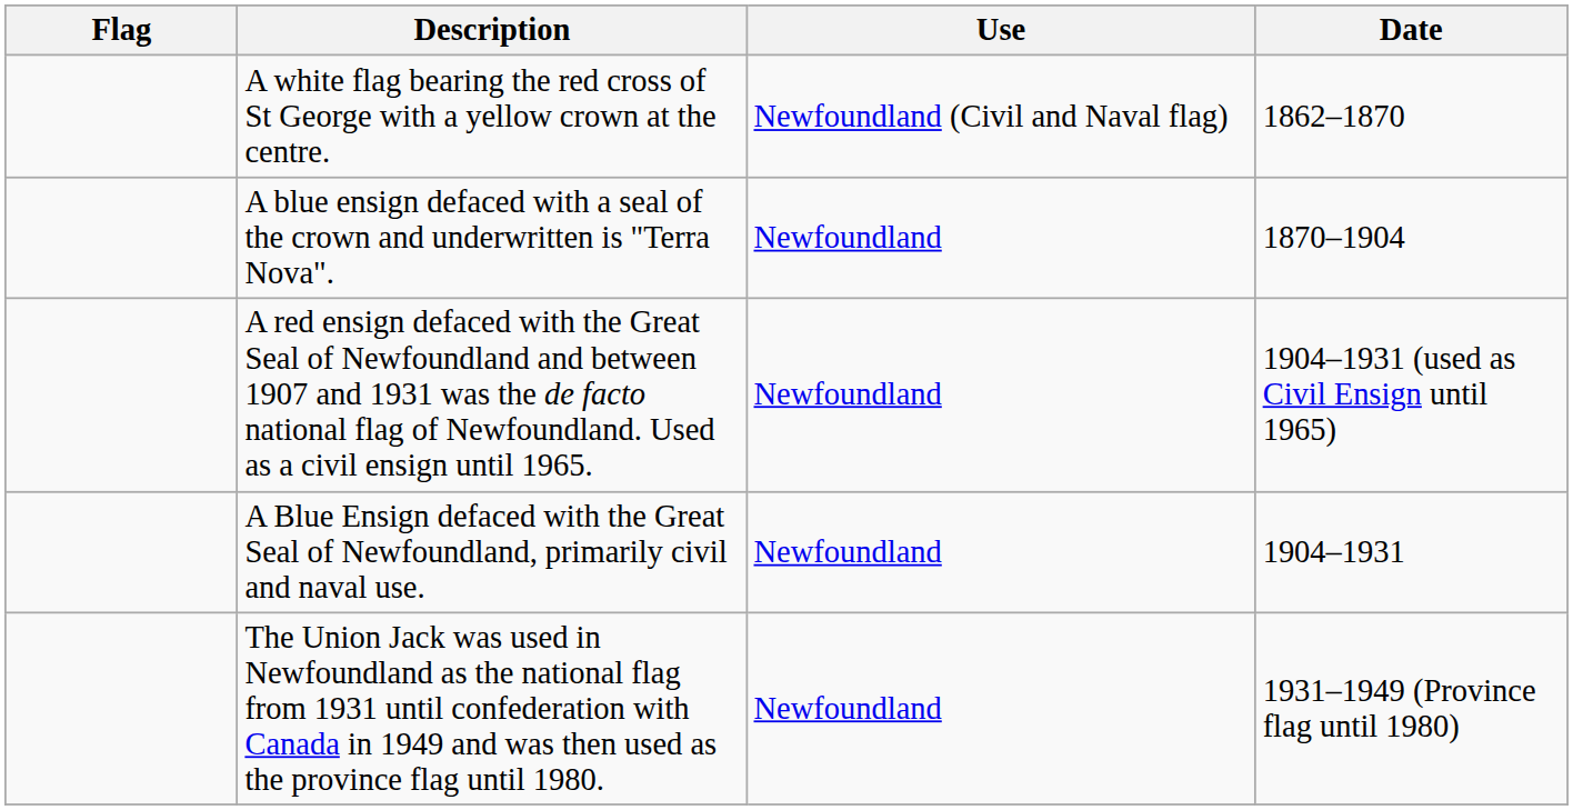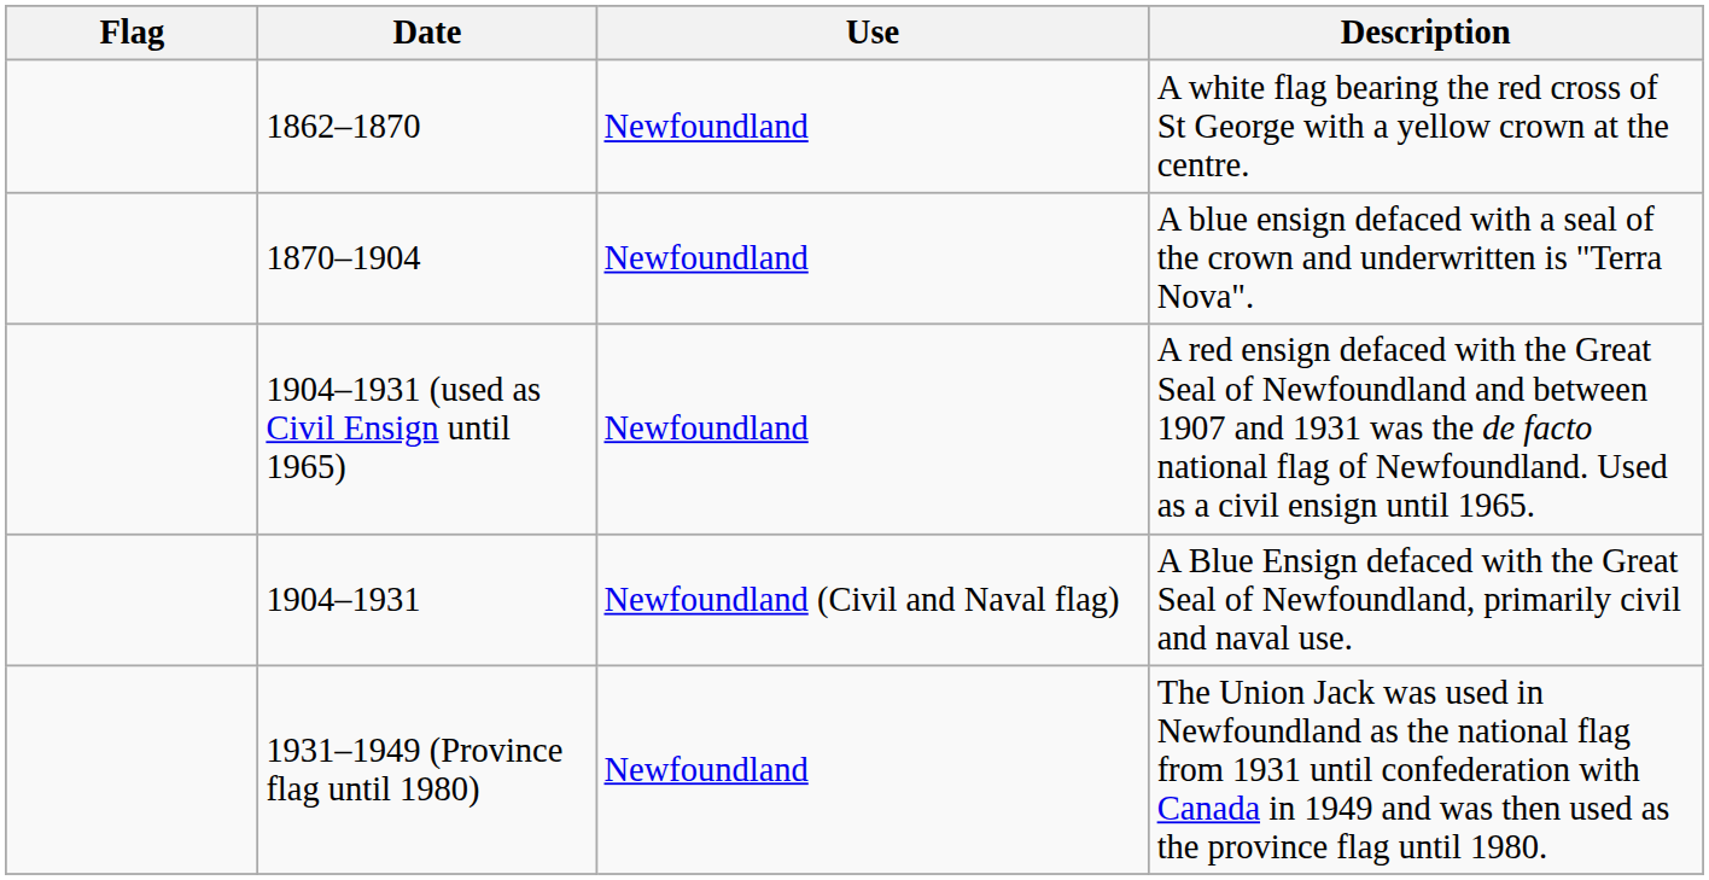 <table class="wikitable">
 <tr style="background:#efefef;">
 <th style="width:110px;">Flag</th>
+<th style="width:150px;">Date</th>
+<th style="width:250px;">Use</th>
 <th style="width:250px;">Description</th>
-<th style="width:250px;">Use</th>
-<th style="width:150px;">Date</th>
 </tr>
 <tr>
 <td></td>
+<td>1862–1870</td>
+<td><a href='#'>Newfoundland</a></td>
 <td>A white flag bearing the red cross of St George with a yellow crown at the centre.</td>
-<td><a href='#'>Newfoundland</a> (Civil and Naval flag)</td>
-<td>1862–1870</td>
 </tr>
 <tr>
 <td></td>
+<td>1870–1904</td>
+<td><a href='#'>Newfoundland</a></td>
 <td>A blue ensign defaced with a seal of the crown and underwritten is "Terra Nova".</td>
-<td><a href='#'>Newfoundland</a></td>
-<td>1870–1904</td>
 </tr>
 <tr>
 <td></td>
+<td>1904–1931 (used as <a href='#'>Civil Ensign</a> until 1965)</td>
+<td><a href='#'>Newfoundland</a></td>
 <td>A red ensign defaced with the Great Seal of Newfoundland and between 1907 and 1931 was the <em>de facto</em> national flag of Newfoundland. Used as a civil ensign until 1965.</td>
-<td><a href='#'>Newfoundland</a></td>
-<td>1904–1931 (used as <a href='#'>Civil Ensign</a> until 1965)</td>
 </tr>
 <tr>
 <td></td>
+<td>1904–1931</td>
+<td><a href='#'>Newfoundland</a> (Civil and Naval flag)</td>
 <td>A Blue Ensign defaced with the Great Seal of Newfoundland, primarily civil and naval use.</td>
-<td><a href='#'>Newfoundland</a></td>
-<td>1904–1931</td>
 </tr>
 <tr>
 <td></td>
+<td>1931–1949 (Province flag until 1980)</td>
+<td><a href='#'>Newfoundland</a></td>
 <td>The Union Jack was used in Newfoundland as the national flag from 1931 until confederation with <a href='#'>Canada</a> in 1949 and was then used as the province flag until 1980.</td>
-<td><a href='#'>Newfoundland</a></td>
-<td>1931–1949 (Province flag until 1980)</td>
 </tr>
 </table>
